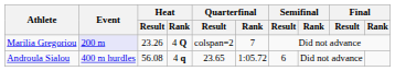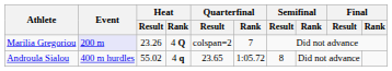 <table class=wikitable style="font-size:90%">
 <tr>
 <th rowspan="2">Athlete</th>
 <th rowspan="2">Event</th>
 <th colspan="2">Heat</th>
 <th colspan="2">Quarterfinal</th>
 <th colspan="2">Semifinal</th>
 <th colspan="2">Final</th>
 </tr>
 <tr style="font-size:95%">
 <th>Result</th>
 <th>Rank</th>
 <th>Result</th>
 <th>Rank</th>
 <th>Result</th>
 <th>Rank</th>
 <th>Result</th>
 <th>Rank</th>
 </tr>
 <tr align=center>
 <td align=left><a href='#'>Marilia Gregoriou</a></td>
 <td align=left style="background: lavender;"><a href='#'>200 m</a></td>
 <td>23.26</td>
 <td>4 <strong>Q</strong></td>
 <td>colspan=2 </td>
 <td>7</td>
 <td colspan=4>Did not advance</td>
 </tr>
 <tr align=center>
 <td align=left><a href='#'>Androula Sialou</a></td>
 <td align=left><a href='#'>400 m hurdles</a></td>
-<td>56.08</td>
+<td>55.02</td>
 <td>4 <strong>q</strong></td>
 <td>23.65</td>
 <td>1:05.72</td>
-<td>6</td>
+<td>8</td>
 <td colspan=2>Did not advance</td>
 </tr>
 </table>
